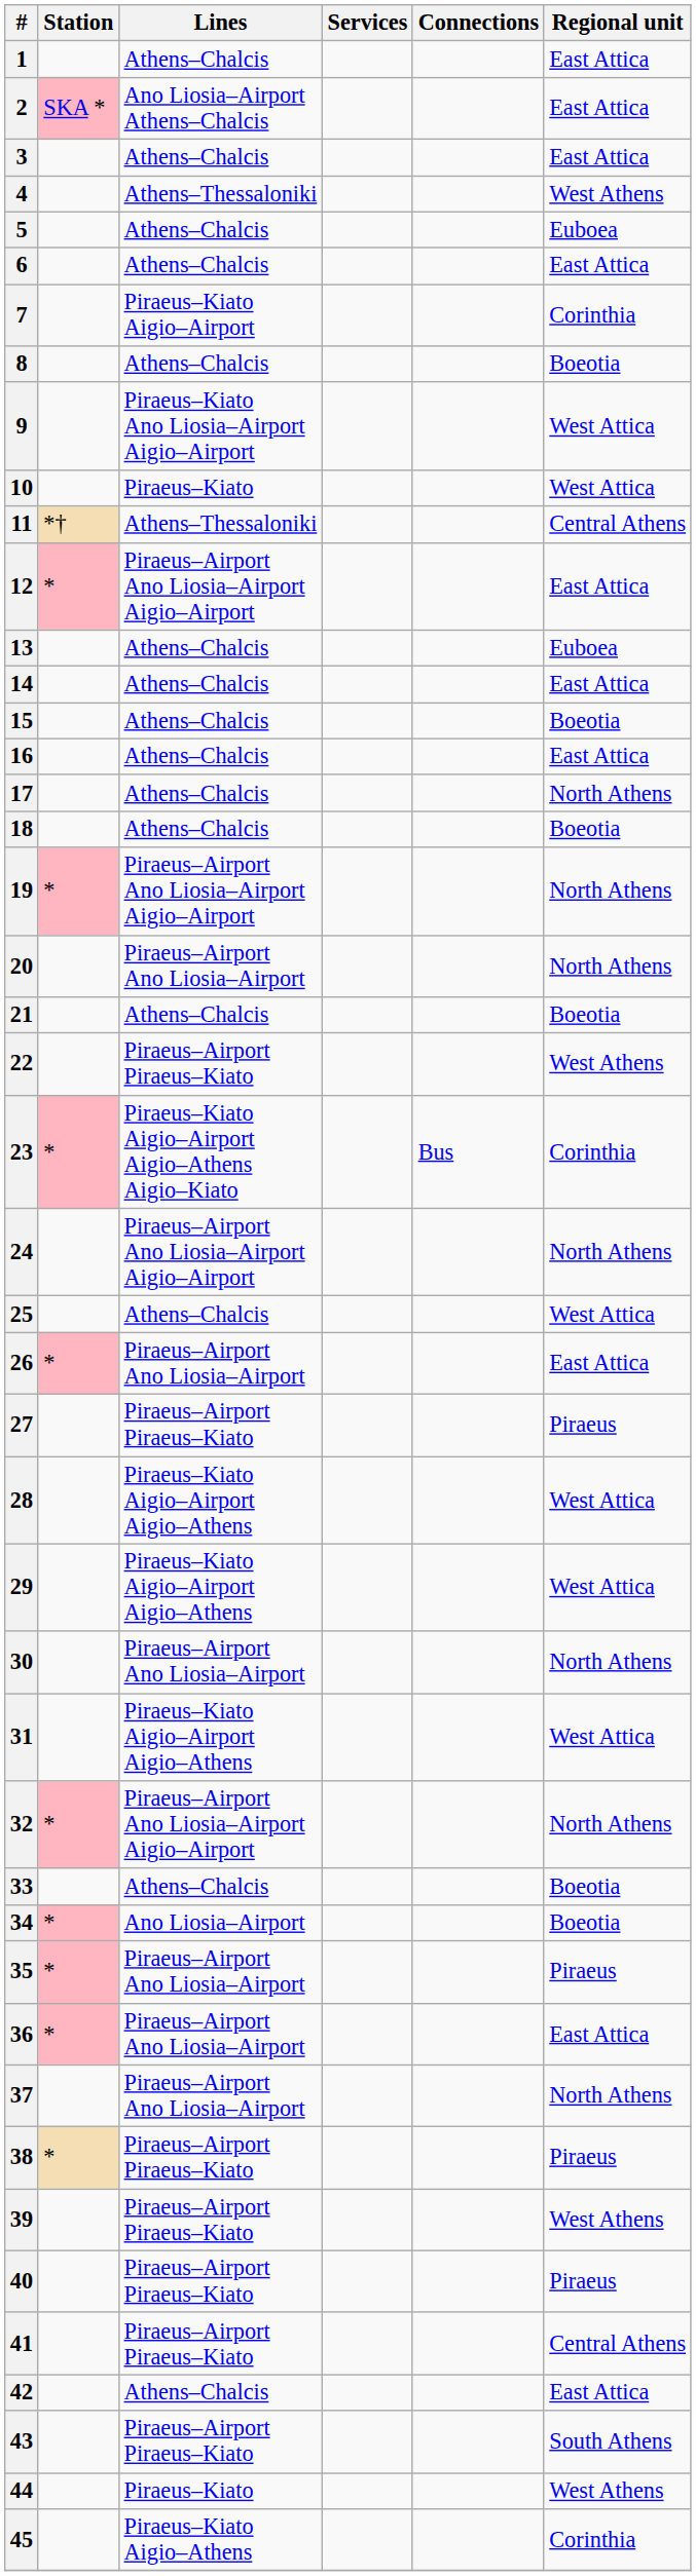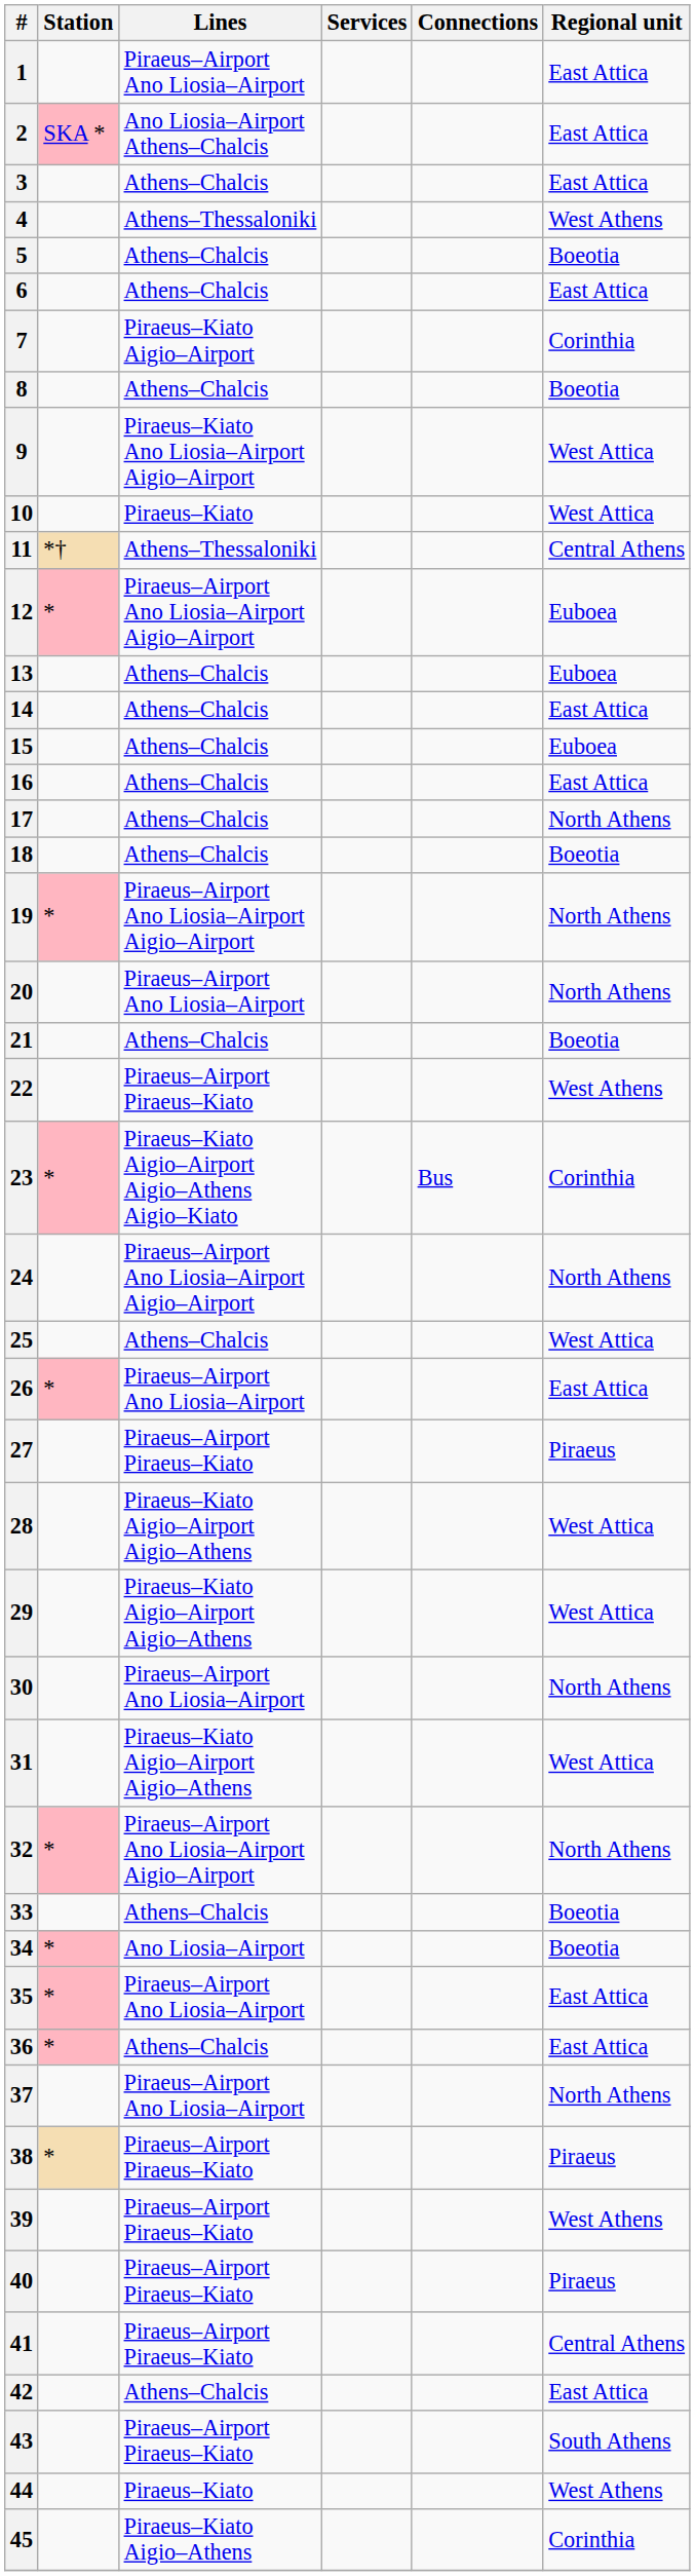 <table class="wikitable">
 <tr>
 <th>#</th>
 <th>Station</th>
 <th>Lines</th>
 <th>Services</th>
 <th>Connections</th>
 <th>Regional unit</th>
 </tr>
 <tr>
 <th>1</th>
 <td style="background-color:"></td>
-<td><a href='#'>Athens–Chalcis</a></td>
+<td><a href='#'>Piraeus–Airport</a><br><a href='#'>Ano Liosia–Airport</a></td>
 <td></td>
 <td></td>
 <td><a href='#'>East Attica</a></td>
 </tr>
 <tr>
 <th>2</th>
 <td style="background-color:#FFB6C1"><a href='#'>SKA</a> *</td>
 <td><a href='#'>Ano Liosia–Airport</a><br><a href='#'>Athens–Chalcis</a></td>
 <td> </td>
 <td></td>
 <td><a href='#'>East Attica</a></td>
 </tr>
 <tr>
 <th>3</th>
 <td style="background-color:"></td>
 <td><a href='#'>Athens–Chalcis</a></td>
 <td></td>
 <td></td>
 <td><a href='#'>East Attica</a></td>
 </tr>
 <tr>
 <th>4</th>
 <td style="background-color:"></td>
 <td><a href='#'>Athens–Thessaloniki</a></td>
 <td>  </td>
 <td></td>
 <td><a href='#'>West Athens</a></td>
 </tr>
 <tr>
 <th>5</th>
 <td style="background-color:"></td>
 <td><a href='#'>Athens–Chalcis</a></td>
 <td></td>
 <td></td>
-<td><a href='#'>Euboea</a></td>
+<td><a href='#'>Boeotia</a></td>
 </tr>
 <tr>
 <th>6</th>
 <td style="background-color:"></td>
 <td><a href='#'>Athens–Chalcis</a></td>
 <td></td>
 <td></td>
 <td><a href='#'>East Attica</a></td>
 </tr>
 <tr>
 <th>7</th>
 <td style="background-color:"></td>
 <td><a href='#'>Piraeus–Kiato</a><br><a href='#'>Aigio–Airport</a></td>
 <td></td>
 <td></td>
 <td><a href='#'>Corinthia</a></td>
 </tr>
 <tr>
 <th>8</th>
 <td style="background-color:"></td>
 <td><a href='#'>Athens–Chalcis</a></td>
 <td></td>
 <td></td>
 <td><a href='#'>Boeotia</a></td>
 </tr>
 <tr>
 <th>9</th>
 <td style="background-color: "></td>
 <td><a href='#'>Piraeus–Kiato</a><br><a href='#'>Ano Liosia–Airport</a><br><a href='#'>Aigio–Airport</a></td>
 <td> </td>
 <td></td>
 <td><a href='#'>West Attica</a></td>
 </tr>
 <tr>
 <th>10</th>
 <td style="background-color: "></td>
 <td><a href='#'>Piraeus–Kiato</a></td>
 <td></td>
 <td></td>
 <td><a href='#'>West Attica</a></td>
 </tr>
 <tr>
 <th>11</th>
 <td style="background-color:#F5DEB3"> *†</td>
 <td><a href='#'>Athens–Thessaloniki</a></td>
 <td>  </td>
 <td></td>
 <td><a href='#'>Central Athens</a></td>
 </tr>
 <tr>
 <th>12</th>
 <td style="background-color:#FFB6C1"> *</td>
 <td><a href='#'>Piraeus–Airport</a><br><a href='#'>Ano Liosia–Airport</a><br><a href='#'>Aigio–Airport</a></td>
 <td> </td>
 <td></td>
-<td><a href='#'>East Attica</a></td>
+<td><a href='#'>Euboea</a></td>
 </tr>
 <tr>
 <th>13</th>
 <td style="background-color: "></td>
 <td><a href='#'>Athens–Chalcis</a></td>
 <td></td>
 <td></td>
 <td><a href='#'>Euboea</a></td>
 </tr>
 <tr>
 <th>14</th>
 <td style="background-color: "></td>
 <td><a href='#'>Athens–Chalcis</a></td>
 <td></td>
 <td></td>
 <td><a href='#'>East Attica</a></td>
 </tr>
 <tr>
 <th>15</th>
 <td style="background-color: "></td>
 <td><a href='#'>Athens–Chalcis</a></td>
 <td></td>
 <td></td>
-<td><a href='#'>Boeotia</a></td>
+<td><a href='#'>Euboea</a></td>
 </tr>
 <tr>
 <th>16</th>
 <td style="background-color: "></td>
 <td><a href='#'>Athens–Chalcis</a></td>
 <td></td>
 <td></td>
 <td><a href='#'>East Attica</a></td>
 </tr>
 <tr>
 <th>17</th>
 <td style="background-color: "></td>
 <td><a href='#'>Athens–Chalcis</a></td>
 <td></td>
 <td></td>
 <td><a href='#'>North Athens</a></td>
 </tr>
 <tr>
 <th>18</th>
 <td style="background-color: "></td>
 <td><a href='#'>Athens–Chalcis</a></td>
 <td></td>
 <td></td>
 <td><a href='#'>Boeotia</a></td>
 </tr>
 <tr>
 <th>19</th>
 <td style="background-color:#FFB6C1"> *</td>
 <td><a href='#'>Piraeus–Airport</a><br><a href='#'>Ano Liosia–Airport</a><br><a href='#'>Aigio–Airport</a></td>
 <td> </td>
 <td></td>
 <td><a href='#'>North Athens</a></td>
 </tr>
 <tr>
 <th>20</th>
 <td style="background-color: "></td>
 <td><a href='#'>Piraeus–Airport</a><br><a href='#'>Ano Liosia–Airport</a></td>
 <td> </td>
 <td></td>
 <td><a href='#'>North Athens</a></td>
 </tr>
 <tr>
 <th>21</th>
 <td style="background-color: "></td>
 <td><a href='#'>Athens–Chalcis</a></td>
 <td></td>
 <td></td>
 <td><a href='#'>Boeotia</a></td>
 </tr>
 <tr>
 <th>22</th>
 <td style="background-color: "></td>
 <td><a href='#'>Piraeus–Airport</a><br><a href='#'>Piraeus–Kiato</a></td>
 <td> </td>
 <td></td>
 <td><a href='#'>West Athens</a></td>
 </tr>
 <tr>
 <th>23</th>
 <td style="background-color:#FFB6C1"> *</td>
 <td><a href='#'>Piraeus–Kiato</a><br><a href='#'>Aigio–Airport</a><br><a href='#'>Aigio–Athens</a><br><a href='#'>Aigio–Kiato</a></td>
 <td></td>
 <td><a href='#'>Bus</a></td>
 <td><a href='#'>Corinthia</a></td>
 </tr>
 <tr>
 <th>24</th>
 <td style="background-color: "></td>
 <td><a href='#'>Piraeus–Airport</a><br><a href='#'>Ano Liosia–Airport</a><br><a href='#'>Aigio–Airport</a></td>
 <td> </td>
 <td></td>
 <td><a href='#'>North Athens</a></td>
 </tr>
 <tr>
 <th>25</th>
 <td style="background-color: "></td>
 <td><a href='#'>Athens–Chalcis</a></td>
 <td></td>
 <td></td>
 <td><a href='#'>West Attica</a></td>
 </tr>
 <tr>
 <th>26</th>
 <td style="background-color:#FFB6C1"> *</td>
 <td><a href='#'>Piraeus–Airport</a><br><a href='#'>Ano Liosia–Airport</a></td>
 <td> </td>
 <td></td>
 <td><a href='#'>East Attica</a></td>
 </tr>
 <tr>
 <th>27</th>
 <td style="background-color: "></td>
 <td><a href='#'>Piraeus–Airport</a><br><a href='#'>Piraeus–Kiato</a></td>
 <td> </td>
 <td></td>
 <td><a href='#'>Piraeus</a></td>
 </tr>
 <tr>
 <th>28</th>
 <td style="background-color: "></td>
 <td><a href='#'>Piraeus–Kiato</a><br><a href='#'>Aigio–Airport</a><br><a href='#'>Aigio–Athens</a></td>
 <td></td>
 <td></td>
 <td><a href='#'>West Attica</a></td>
 </tr>
 <tr>
 <th>29</th>
 <td style="background-color: "></td>
 <td><a href='#'>Piraeus–Kiato</a><br><a href='#'>Aigio–Airport</a><br><a href='#'>Aigio–Athens</a></td>
 <td></td>
 <td></td>
 <td><a href='#'>West Attica</a></td>
 </tr>
 <tr>
 <th>30</th>
 <td style="background-color: "></td>
 <td><a href='#'>Piraeus–Airport</a><br><a href='#'>Ano Liosia–Airport</a></td>
 <td> </td>
 <td></td>
 <td><a href='#'>North Athens</a></td>
 </tr>
 <tr>
 <th>31</th>
 <td style="background-color: "></td>
 <td><a href='#'>Piraeus–Kiato</a><br><a href='#'>Aigio–Airport</a><br><a href='#'>Aigio–Athens</a></td>
 <td></td>
 <td></td>
 <td><a href='#'>West Attica</a></td>
 </tr>
 <tr>
 <th>32</th>
 <td style="background-color:#FFB6C1">  *</td>
 <td><a href='#'>Piraeus–Airport</a><br><a href='#'>Ano Liosia–Airport</a><br><a href='#'>Aigio–Airport</a></td>
 <td> </td>
 <td></td>
 <td><a href='#'>North Athens</a></td>
 </tr>
 <tr>
 <th>33</th>
 <td style="background-color: "></td>
 <td><a href='#'>Athens–Chalcis</a></td>
 <td></td>
 <td></td>
 <td><a href='#'>Boeotia</a></td>
 </tr>
 <tr>
 <th>34</th>
 <td style="background-color:#FFB6C1"> *</td>
 <td><a href='#'>Ano Liosia–Airport</a></td>
 <td></td>
 <td></td>
 <td><a href='#'>Boeotia</a></td>
 </tr>
 <tr>
 <th>35</th>
 <td style="background-color:#FFB6C1"> *</td>
 <td><a href='#'>Piraeus–Airport</a><br><a href='#'>Ano Liosia–Airport</a></td>
 <td> </td>
 <td></td>
-<td><a href='#'>Piraeus</a></td>
+<td><a href='#'>East Attica</a></td>
 </tr>
 <tr>
 <th>36</th>
 <td style="background-color:#FFB6C1"> *</td>
-<td><a href='#'>Piraeus–Airport</a><br><a href='#'>Ano Liosia–Airport</a></td>
+<td><a href='#'>Athens–Chalcis</a></td>
 <td> </td>
 <td></td>
 <td><a href='#'>East Attica</a></td>
 </tr>
 <tr>
 <th>37</th>
 <td style="background-color: "></td>
 <td><a href='#'>Piraeus–Airport</a><br><a href='#'>Ano Liosia–Airport</a></td>
 <td> </td>
 <td></td>
 <td><a href='#'>North Athens</a></td>
 </tr>
 <tr>
 <th>38</th>
 <td style="background-color:#F5DEB3"> *</td>
 <td><a href='#'>Piraeus–Airport</a><br><a href='#'>Piraeus–Kiato</a></td>
 <td> </td>
 <td></td>
 <td><a href='#'>Piraeus</a></td>
 </tr>
 <tr>
 <th>39</th>
 <td style="background-color: "></td>
 <td><a href='#'>Piraeus–Airport</a><br><a href='#'>Piraeus–Kiato</a></td>
 <td> </td>
 <td></td>
 <td><a href='#'>West Athens</a></td>
 </tr>
 <tr>
 <th>40</th>
 <td style="background-color: "></td>
 <td><a href='#'>Piraeus–Airport</a><br><a href='#'>Piraeus–Kiato</a></td>
 <td> </td>
 <td></td>
 <td><a href='#'>Piraeus</a></td>
 </tr>
 <tr>
 <th>41</th>
 <td style="background-color: "></td>
 <td><a href='#'>Piraeus–Airport</a><br><a href='#'>Piraeus–Kiato</a></td>
 <td> </td>
 <td></td>
 <td><a href='#'>Central Athens</a></td>
 </tr>
 <tr>
 <th>42</th>
 <td style="background-color: "></td>
 <td><a href='#'>Athens–Chalcis</a></td>
 <td></td>
 <td></td>
 <td><a href='#'>East Attica</a></td>
 </tr>
 <tr>
 <th>43</th>
 <td style="background-color: "></td>
 <td><a href='#'>Piraeus–Airport</a><br><a href='#'>Piraeus–Kiato</a></td>
 <td> </td>
 <td></td>
 <td><a href='#'>South Athens</a></td>
 </tr>
 <tr>
 <th>44</th>
 <td style="background-color: "></td>
 <td><a href='#'>Piraeus–Kiato</a></td>
 <td></td>
 <td></td>
 <td><a href='#'>West Athens</a></td>
 </tr>
 <tr>
 <th>45</th>
 <td style="background-color: "></td>
 <td><a href='#'>Piraeus–Kiato</a><br><a href='#'>Aigio–Athens</a></td>
 <td></td>
 <td></td>
 <td><a href='#'>Corinthia</a></td>
 </tr>
 <tr>
 </tr>
 </table>
